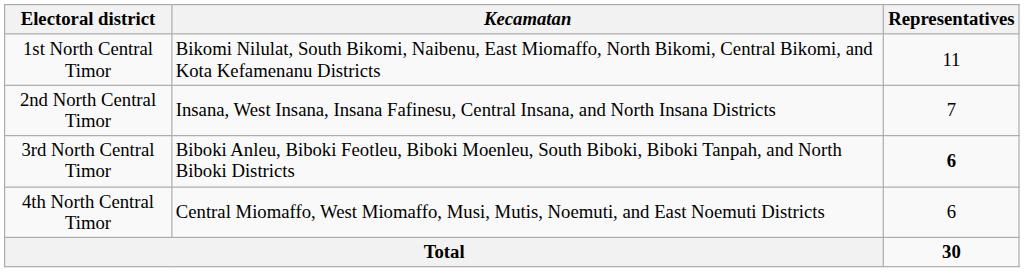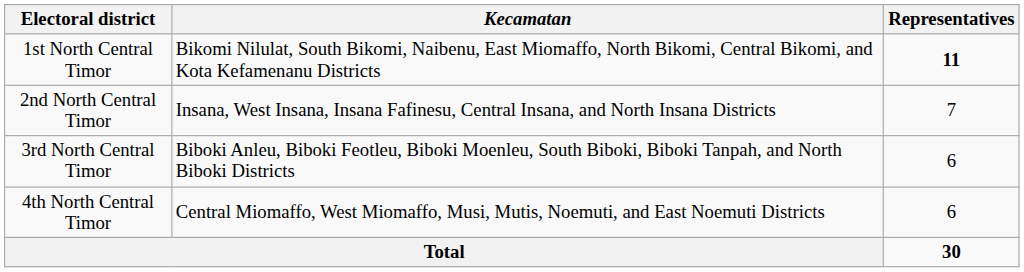 <table class="wikitable">
 <tr>
 <th>Electoral district</th>
 <th><em>Kecamatan</em></th>
 <th>Representatives</th>
 </tr>
 <tr>
 <td align="center">1st North Central Timor</td>
 <td>Bikomi Nilulat, South Bikomi, Naibenu, East Miomaffo, North Bikomi, Central Bikomi, and Kota Kefamenanu Districts</td>
-<td align="center">11</td>
+<td align="center"><strong>11</strong></td>
 </tr>
 <tr>
 <td align="center">2nd North Central Timor</td>
 <td>Insana, West Insana, Insana Fafinesu, Central Insana, and North Insana Districts</td>
 <td align="center">7</td>
 </tr>
 <tr>
 <td align="center">3rd North Central Timor</td>
 <td>Biboki Anleu, Biboki Feotleu, Biboki Moenleu, South Biboki, Biboki Tanpah, and North Biboki Districts</td>
-<td align="center"><strong>6</strong></td>
+<td align="center">6</td>
 </tr>
 <tr>
 <td align="center">4th North Central Timor</td>
 <td>Central Miomaffo, West Miomaffo, Musi, Mutis, Noemuti, and East Noemuti Districts</td>
 <td align="center">6</td>
 </tr>
 <tr>
 <th colspan="2">Total</th>
 <td align="center"><strong>30</strong></td>
 </tr>
 </table>
